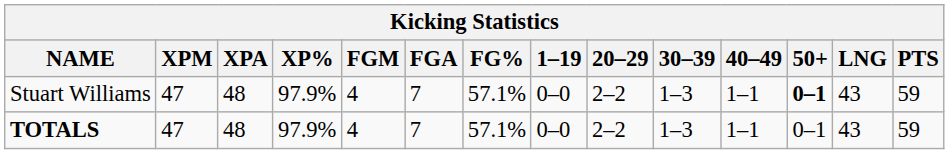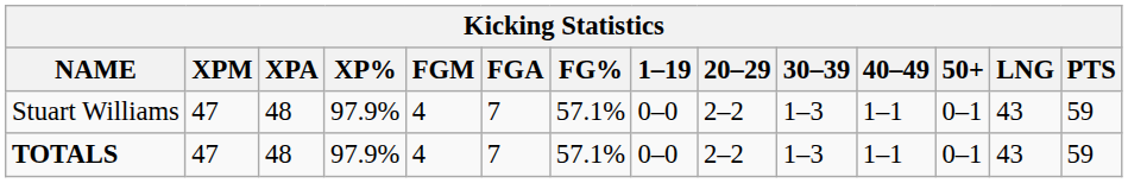 <table class="wikitable sortable collapsible collapsed">
 <tr>
 <th colspan="16">Kicking Statistics</th>
 </tr>
 <tr>
 <th>NAME</th>
 <th>XPM</th>
 <th>XPA</th>
 <th>XP%</th>
 <th>FGM</th>
 <th>FGA</th>
 <th>FG%</th>
 <th>1–19</th>
 <th>20–29</th>
 <th>30–39</th>
 <th>40–49</th>
 <th>50+</th>
 <th>LNG</th>
 <th>PTS</th>
 </tr>
 <tr>
 <td>Stuart Williams</td>
 <td>47</td>
 <td>48</td>
 <td>97.9%</td>
 <td>4</td>
 <td>7</td>
 <td>57.1%</td>
 <td>0–0</td>
 <td>2–2</td>
 <td>1–3</td>
 <td>1–1</td>
-<td><strong>0–1</strong></td>
+<td>0–1</td>
 <td>43</td>
 <td>59</td>
 </tr>
 <tr>
 <td><strong>TOTALS</strong></td>
 <td>47</td>
 <td>48</td>
 <td>97.9%</td>
 <td>4</td>
 <td>7</td>
 <td>57.1%</td>
 <td>0–0</td>
 <td>2–2</td>
 <td>1–3</td>
 <td>1–1</td>
 <td>0–1</td>
 <td>43</td>
 <td>59</td>
 </tr>
 </table>
